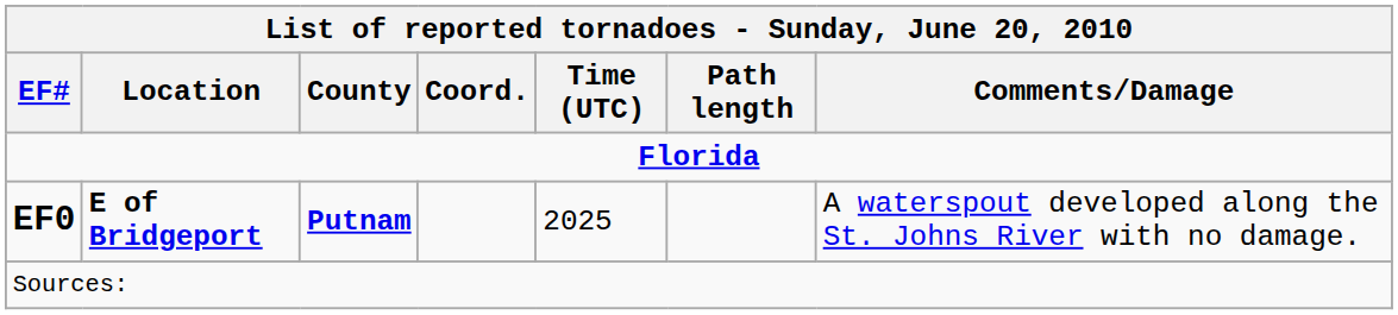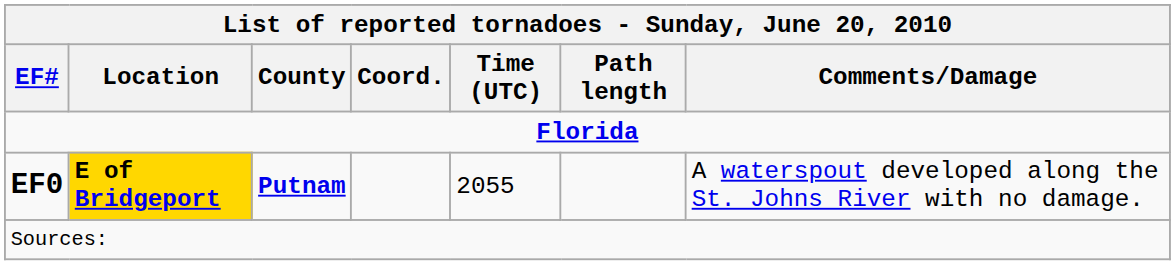 <table class="wikitable collapsible" width="100%">
 <tr>
 <th colspan="7">List of reported tornadoes - Sunday, June 20, 2010</th>
 </tr>
 <tr>
 <th><a href='#'>EF#</a></th>
 <th>Location</th>
 <th>County</th>
 <th>Coord.</th>
 <th>Time (UTC)</th>
 <th>Path length</th>
 <th>Comments/Damage</th>
 </tr>
 <tr>
 <td colspan="7" align=center><strong><a href='#'>Florida</a></strong></td>
 </tr>
 <tr>
 <td><big><strong>EF0</strong></big></td>
-<td><strong>E of <a href='#'>Bridgeport</a></strong></td>
+<td style="background: gold;"><strong>E of <a href='#'>Bridgeport</a></strong></td>
 <td><strong><a href='#'>Putnam</a></strong></td>
 <td></td>
-<td>2025</td>
+<td>2055</td>
 <td></td>
 <td>A <a href='#'>waterspout</a> developed along the <a href='#'>St. Johns River</a> with no damage.</td>
 </tr>
 <tr>
 <td colspan="7"><small>Sources: </small></td>
 </tr>
 </table>
